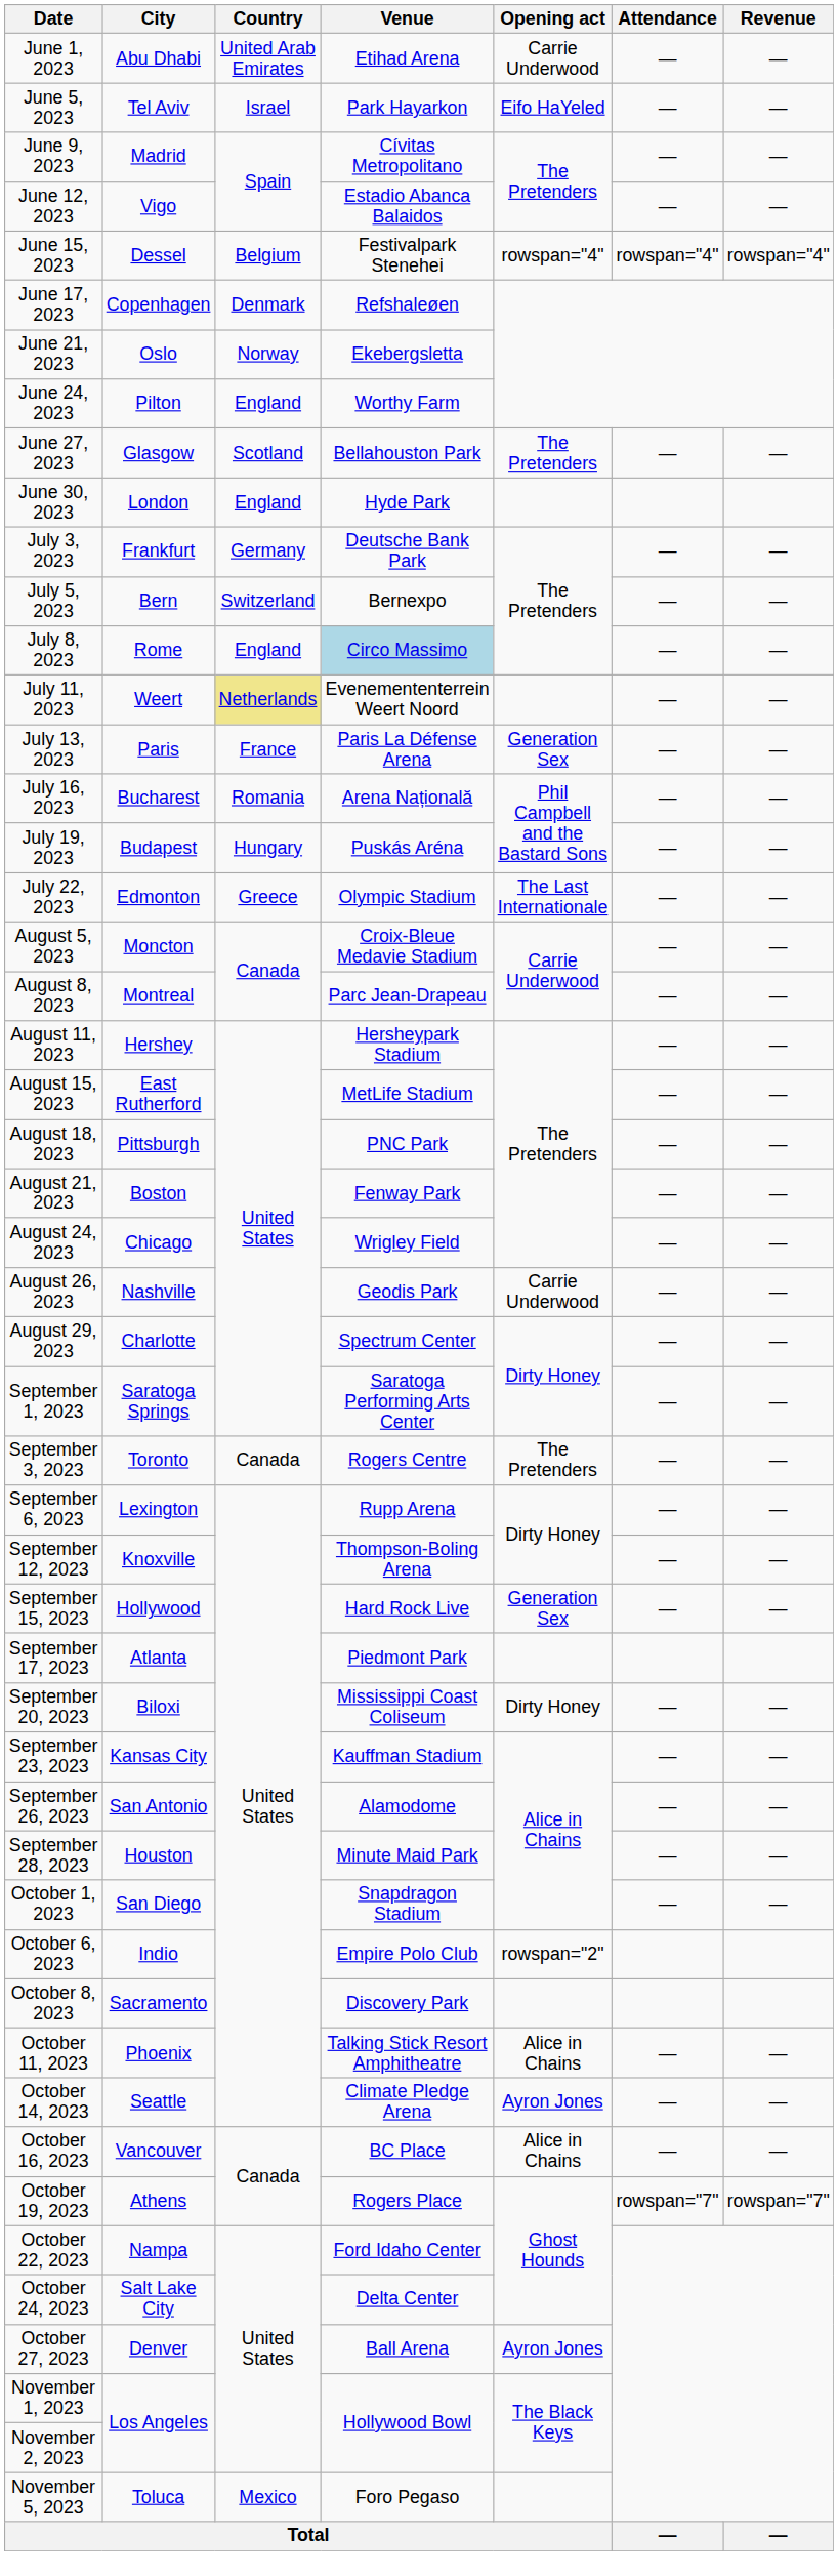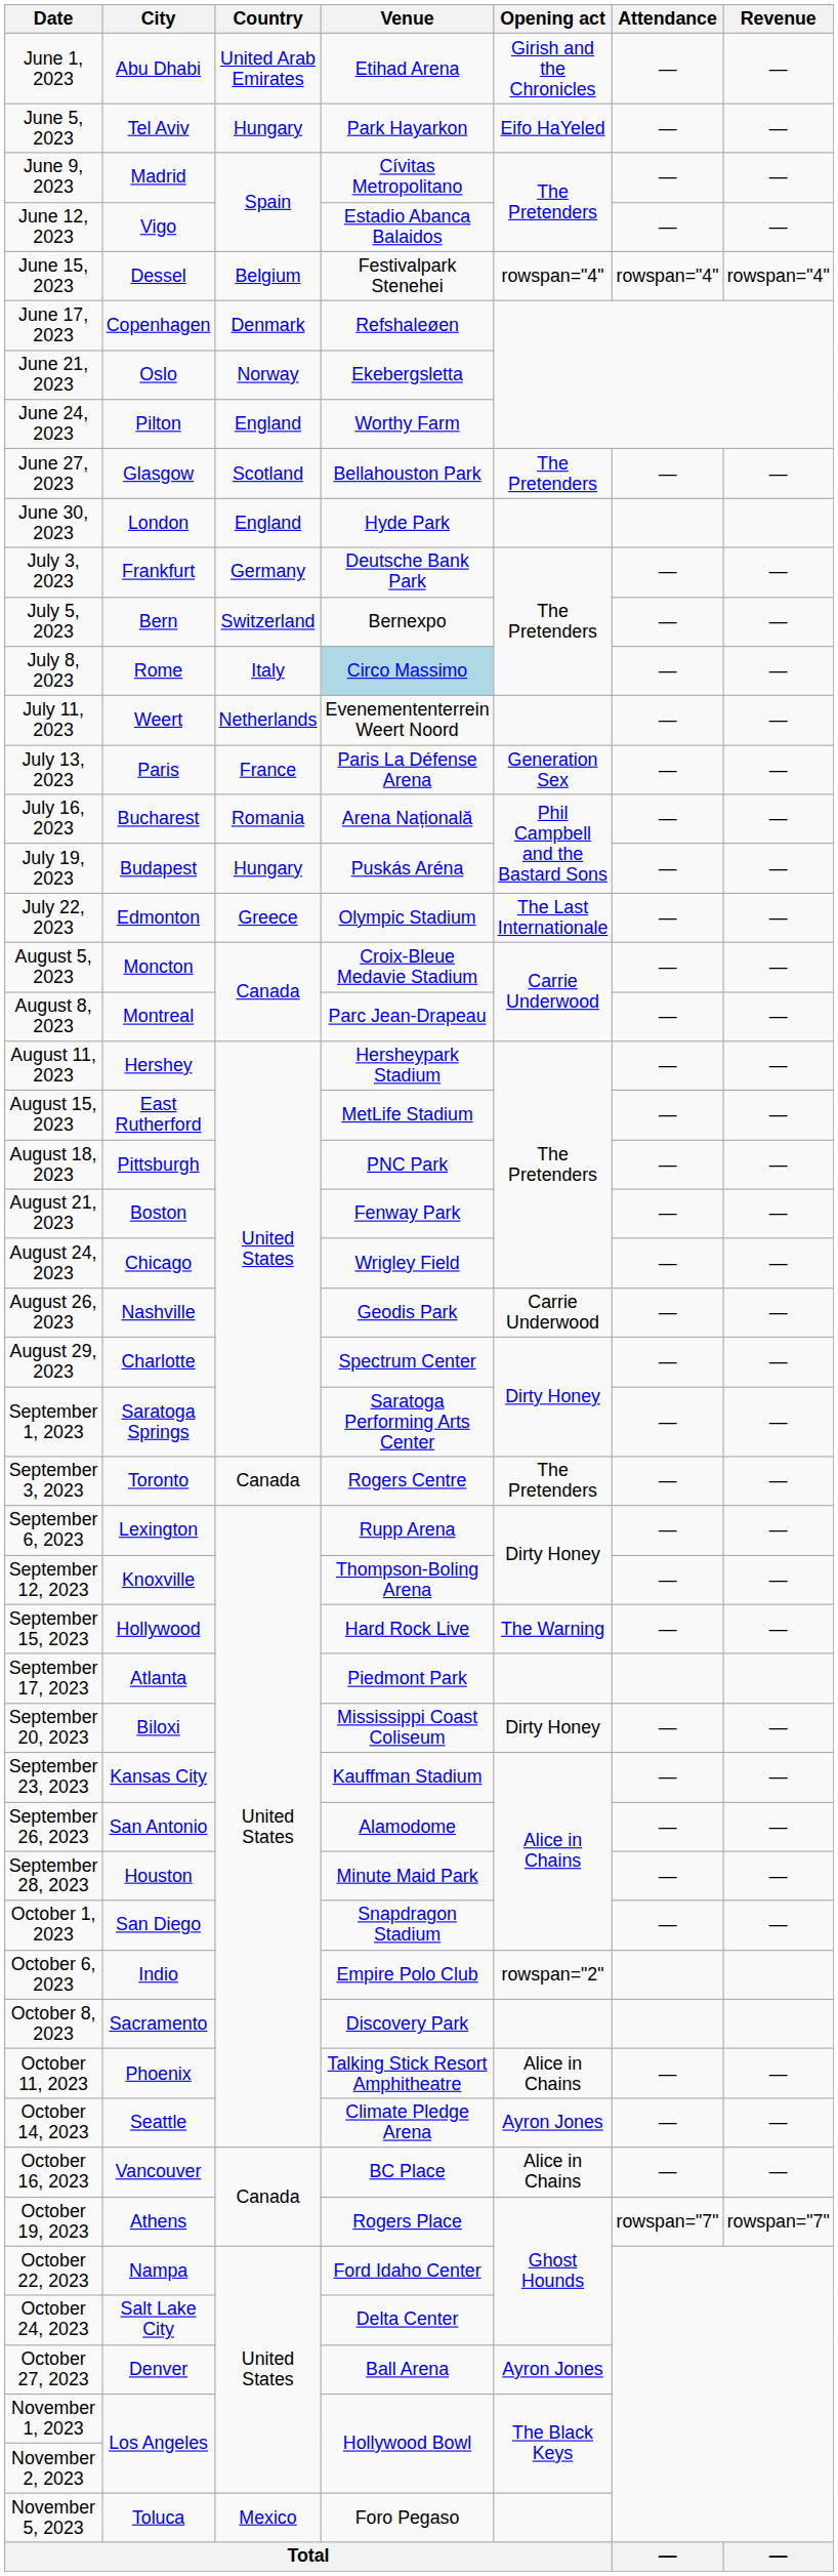 <table class="wikitable" style="text-align:center;">
 <tr>
 <th scope="col" style="width:12em;">Date</th>
 <th scope="col" style="width:10em;">City</th>
 <th scope="col" style="width:10em;">Country</th>
 <th scope="col" style="width:16em;">Venue</th>
 <th scope="col" style="width:10em;">Opening act</th>
 <th scope="col" style="width:10em;">Attendance</th>
 <th scope="col" style="width:10em;">Revenue</th>
 </tr>
 <tr>
 <td>June 1, 2023</td>
 <td><a href='#'>Abu Dhabi</a></td>
 <td><a href='#'>United Arab Emirates</a></td>
 <td><a href='#'>Etihad Arena</a></td>
-<td>Carrie Underwood</td>
+<td><a href='#'>Girish and the Chronicles</a></td>
 <td>—</td>
 <td>—</td>
 </tr>
 <tr>
 <td>June 5, 2023</td>
 <td><a href='#'>Tel Aviv</a></td>
-<td><a href='#'>Israel</a></td>
+<td><a href='#'>Hungary</a></td>
 <td><a href='#'>Park Hayarkon</a></td>
 <td><a href='#'>Eifo HaYeled</a></td>
 <td>—</td>
 <td>—</td>
 </tr>
 <tr>
 <td>June 9, 2023</td>
 <td><a href='#'>Madrid</a></td>
 <td rowspan="2"><a href='#'>Spain</a></td>
 <td><a href='#'>Cívitas Metropolitano</a></td>
 <td rowspan="2"><a href='#'>The Pretenders</a></td>
 <td>—</td>
 <td>—</td>
 </tr>
 <tr>
 <td>June 12, 2023</td>
 <td><a href='#'>Vigo</a></td>
 <td><a href='#'>Estadio Abanca Balaidos</a></td>
 <td>—</td>
 <td>—</td>
 </tr>
 <tr>
 <td>June 15, 2023</td>
 <td><a href='#'>Dessel</a></td>
 <td><a href='#'>Belgium</a></td>
 <td>Festivalpark Stenehei</td>
 <td>rowspan="4" </td>
 <td>rowspan="4" </td>
 <td>rowspan="4" </td>
 </tr>
 <tr>
 <td>June 17, 2023</td>
 <td><a href='#'>Copenhagen</a></td>
 <td><a href='#'>Denmark</a></td>
 <td><a href='#'>Refshaleøen</a></td>
 </tr>
 <tr>
 <td>June 21, 2023</td>
 <td><a href='#'>Oslo</a></td>
 <td><a href='#'>Norway</a></td>
 <td><a href='#'>Ekebergsletta</a></td>
 </tr>
 <tr>
 <td>June 24, 2023</td>
 <td><a href='#'>Pilton</a></td>
 <td><a href='#'>England</a></td>
 <td><a href='#'>Worthy Farm</a></td>
 </tr>
 <tr>
 <td>June 27, 2023</td>
 <td><a href='#'>Glasgow</a></td>
 <td><a href='#'>Scotland</a></td>
 <td><a href='#'>Bellahouston Park</a></td>
 <td><a href='#'>The Pretenders</a></td>
 <td>—</td>
 <td>—</td>
 </tr>
 <tr>
 <td>June 30, 2023</td>
 <td><a href='#'>London</a></td>
 <td><a href='#'>England</a></td>
 <td><a href='#'>Hyde Park</a></td>
 <td></td>
 <td></td>
 <td></td>
 </tr>
 <tr>
 <td>July 3, 2023</td>
 <td><a href='#'>Frankfurt</a></td>
 <td><a href='#'>Germany</a></td>
 <td><a href='#'>Deutsche Bank Park</a></td>
 <td rowspan="3">The Pretenders</td>
 <td>—</td>
 <td>—</td>
 </tr>
 <tr>
 <td>July 5, 2023</td>
 <td><a href='#'>Bern</a></td>
 <td><a href='#'>Switzerland</a></td>
 <td>Bernexpo</td>
 <td>—</td>
 <td>—</td>
 </tr>
 <tr>
 <td>July 8, 2023</td>
 <td><a href='#'>Rome</a></td>
-<td><a href='#'>England</a></td>
+<td><a href='#'>Italy</a></td>
 <td style="background: lightblue;"><a href='#'>Circo Massimo</a></td>
 <td>—</td>
 <td>—</td>
 </tr>
 <tr>
 <td>July 11, 2023</td>
 <td><a href='#'>Weert</a></td>
-<td style="background: khaki;"><a href='#'>Netherlands</a></td>
+<td><a href='#'>Netherlands</a></td>
 <td>Evenemententerrein Weert Noord</td>
 <td></td>
 <td>—</td>
 <td>—</td>
 </tr>
 <tr>
 <td>July 13, 2023</td>
 <td><a href='#'>Paris</a></td>
 <td><a href='#'>France</a></td>
 <td><a href='#'>Paris La Défense Arena</a></td>
 <td><a href='#'>Generation Sex</a></td>
 <td>—</td>
 <td>—</td>
 </tr>
 <tr>
 <td>July 16, 2023</td>
 <td><a href='#'>Bucharest</a></td>
 <td><a href='#'>Romania</a></td>
 <td><a href='#'>Arena Națională</a></td>
 <td rowspan="2"><a href='#'>Phil Campbell and the Bastard Sons</a></td>
 <td>—</td>
 <td>—</td>
 </tr>
 <tr>
 <td>July 19, 2023</td>
 <td><a href='#'>Budapest</a></td>
 <td><a href='#'>Hungary</a></td>
 <td><a href='#'>Puskás Aréna</a></td>
 <td>—</td>
 <td>—</td>
 </tr>
 <tr>
 <td>July 22, 2023</td>
 <td><a href='#'>Edmonton</a></td>
 <td><a href='#'>Greece</a></td>
 <td><a href='#'>Olympic Stadium</a></td>
 <td><a href='#'>The Last Internationale</a></td>
 <td>—</td>
 <td>—</td>
 </tr>
 <tr>
 <td>August 5, 2023</td>
 <td><a href='#'>Moncton</a></td>
 <td rowspan="2"><a href='#'>Canada</a></td>
 <td><a href='#'>Croix-Bleue Medavie Stadium</a></td>
 <td rowspan="2"><a href='#'>Carrie Underwood</a></td>
 <td>—</td>
 <td>—</td>
 </tr>
 <tr>
 <td>August 8, 2023</td>
 <td><a href='#'>Montreal</a></td>
 <td><a href='#'>Parc Jean-Drapeau</a></td>
 <td>—</td>
 <td>—</td>
 </tr>
 <tr>
 <td>August 11, 2023</td>
 <td><a href='#'>Hershey</a></td>
 <td rowspan="8"><a href='#'>United States</a></td>
 <td><a href='#'>Hersheypark Stadium</a></td>
 <td rowspan="5">The Pretenders</td>
 <td>—</td>
 <td>—</td>
 </tr>
 <tr>
 <td>August 15, 2023</td>
 <td><a href='#'>East Rutherford</a></td>
 <td><a href='#'>MetLife Stadium</a></td>
 <td>—</td>
 <td>—</td>
 </tr>
 <tr>
 <td>August 18, 2023</td>
 <td><a href='#'>Pittsburgh</a></td>
 <td><a href='#'>PNC Park</a></td>
 <td>—</td>
 <td>—</td>
 </tr>
 <tr>
 <td>August 21, 2023</td>
 <td><a href='#'>Boston</a></td>
 <td><a href='#'>Fenway Park</a></td>
 <td>—</td>
 <td>—</td>
 </tr>
 <tr>
 <td>August 24, 2023</td>
 <td><a href='#'>Chicago</a></td>
 <td><a href='#'>Wrigley Field</a></td>
 <td>—</td>
 <td>—</td>
 </tr>
 <tr>
 <td>August 26, 2023</td>
 <td><a href='#'>Nashville</a></td>
 <td><a href='#'>Geodis Park</a></td>
 <td>Carrie Underwood</td>
 <td>—</td>
 <td>—</td>
 </tr>
 <tr>
 <td>August 29, 2023</td>
 <td><a href='#'>Charlotte</a></td>
 <td><a href='#'>Spectrum Center</a></td>
 <td rowspan="2"><a href='#'>Dirty Honey</a></td>
 <td>—</td>
 <td>—</td>
 </tr>
 <tr>
 <td>September 1, 2023</td>
 <td><a href='#'>Saratoga Springs</a></td>
 <td><a href='#'>Saratoga Performing Arts Center</a></td>
 <td>—</td>
 <td>—</td>
 </tr>
 <tr>
 <td>September 3, 2023</td>
 <td><a href='#'>Toronto</a></td>
 <td>Canada</td>
 <td><a href='#'>Rogers Centre</a></td>
 <td>The Pretenders</td>
 <td>—</td>
 <td>—</td>
 </tr>
 <tr>
 <td>September 6, 2023</td>
 <td><a href='#'>Lexington</a></td>
 <td rowspan="13">United States</td>
 <td><a href='#'>Rupp Arena</a></td>
 <td rowspan="2">Dirty Honey</td>
 <td>—</td>
 <td>—</td>
 </tr>
 <tr>
 <td>September 12, 2023</td>
 <td><a href='#'>Knoxville</a></td>
 <td><a href='#'>Thompson-Boling Arena</a></td>
 <td>—</td>
 <td>—</td>
 </tr>
 <tr>
 <td>September 15, 2023</td>
 <td><a href='#'>Hollywood</a></td>
 <td><a href='#'>Hard Rock Live</a></td>
-<td><a href='#'>Generation Sex</a></td>
+<td><a href='#'>The Warning</a></td>
 <td>—</td>
 <td>—</td>
 </tr>
 <tr>
 <td>September 17, 2023</td>
 <td><a href='#'>Atlanta</a></td>
 <td><a href='#'>Piedmont Park</a></td>
 <td></td>
 <td></td>
 <td></td>
 </tr>
 <tr>
 <td>September 20, 2023</td>
 <td><a href='#'>Biloxi</a></td>
 <td><a href='#'>Mississippi Coast Coliseum</a></td>
 <td>Dirty Honey</td>
 <td>—</td>
 <td>—</td>
 </tr>
 <tr>
 <td>September 23, 2023</td>
 <td><a href='#'>Kansas City</a></td>
 <td><a href='#'>Kauffman Stadium</a></td>
 <td rowspan="4"><a href='#'>Alice in Chains</a></td>
 <td>—</td>
 <td>—</td>
 </tr>
 <tr>
 <td>September 26, 2023</td>
 <td><a href='#'>San Antonio</a></td>
 <td><a href='#'>Alamodome</a></td>
 <td>—</td>
 <td>—</td>
 </tr>
 <tr>
 <td>September 28, 2023</td>
 <td><a href='#'>Houston</a></td>
 <td><a href='#'>Minute Maid Park</a></td>
 <td>—</td>
 <td>—</td>
 </tr>
 <tr>
 <td>October 1, 2023</td>
 <td><a href='#'>San Diego</a></td>
 <td><a href='#'>Snapdragon Stadium</a></td>
 <td>—</td>
 <td>—</td>
 </tr>
 <tr>
 <td>October 6, 2023</td>
 <td><a href='#'>Indio</a></td>
 <td><a href='#'>Empire Polo Club</a></td>
 <td>rowspan="2" </td>
 <td></td>
 <td></td>
 </tr>
 <tr>
 <td>October 8, 2023</td>
 <td><a href='#'>Sacramento</a></td>
 <td><a href='#'>Discovery Park</a></td>
 <td></td>
 <td></td>
 </tr>
 <tr>
 <td>October 11, 2023</td>
 <td><a href='#'>Phoenix</a></td>
 <td><a href='#'>Talking Stick Resort Amphitheatre</a></td>
 <td>Alice in Chains</td>
 <td>—</td>
 <td>—</td>
 </tr>
 <tr>
 <td>October 14, 2023</td>
 <td><a href='#'>Seattle</a></td>
 <td><a href='#'>Climate Pledge Arena</a></td>
 <td><a href='#'>Ayron Jones</a></td>
 <td>—</td>
 <td>—</td>
 </tr>
 <tr>
 <td>October 16, 2023</td>
 <td><a href='#'>Vancouver</a></td>
 <td rowspan="2">Canada</td>
 <td><a href='#'>BC Place</a></td>
 <td>Alice in Chains</td>
 <td>—</td>
 <td>—</td>
 </tr>
 <tr>
 <td>October 19, 2023</td>
 <td><a href='#'>Athens</a></td>
 <td><a href='#'>Rogers Place</a></td>
 <td rowspan="3"><a href='#'>Ghost Hounds</a></td>
 <td>rowspan="7" </td>
 <td>rowspan="7" </td>
 </tr>
 <tr>
 <td>October 22, 2023</td>
 <td><a href='#'>Nampa</a></td>
 <td rowspan="5">United States</td>
 <td><a href='#'>Ford Idaho Center</a></td>
 </tr>
 <tr>
 <td>October 24, 2023</td>
 <td><a href='#'>Salt Lake City</a></td>
 <td><a href='#'>Delta Center</a></td>
 </tr>
 <tr>
 <td>October 27, 2023</td>
 <td><a href='#'>Denver</a></td>
 <td><a href='#'>Ball Arena</a></td>
 <td><a href='#'>Ayron Jones</a></td>
 </tr>
 <tr>
 <td>November 1, 2023</td>
 <td rowspan="2"><a href='#'>Los Angeles</a></td>
 <td rowspan="2"><a href='#'>Hollywood Bowl</a></td>
 <td rowspan="2"><a href='#'>The Black Keys</a></td>
 </tr>
 <tr>
 <td>November 2, 2023</td>
 </tr>
 <tr>
 <td>November 5, 2023</td>
 <td><a href='#'>Toluca</a></td>
 <td><a href='#'>Mexico</a></td>
 <td>Foro Pegaso</td>
 <td></td>
 </tr>
 <tr>
 <th colspan="5">Total</th>
 <th>—</th>
 <th>—</th>
 </tr>
 </table>
